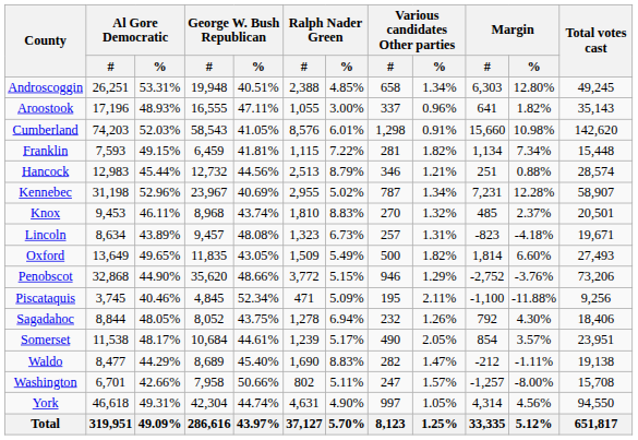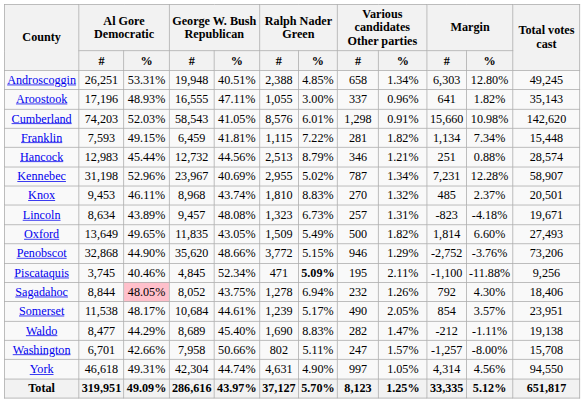 <table width="60%"  class="wikitable sortable" style="text-align:center">
 <tr>
 <th style="text-align:center;" rowspan="2">County</th>
 <th style="text-align:center;" colspan="2">Al Gore <br>Democratic</th>
 <th style="text-align:center;" colspan="2">George W. Bush<br>Republican</th>
 <th style="text-align:center;" colspan="2">Ralph Nader<br>Green</th>
 <th style="text-align:center;" colspan="2">Various candidates<br>Other parties</th>
 <th style="text-align:center;" colspan="2">Margin</th>
 <th style="text-align:center;" rowspan="2">Total votes cast</th>
 </tr>
 <tr>
 <th style="text-align:center;" data-sort-type="number">#</th>
 <th style="text-align:center;" data-sort-type="number">%</th>
 <th style="text-align:center;" data-sort-type="number">#</th>
 <th style="text-align:center;" data-sort-type="number">%</th>
 <th style="text-align:center;" data-sort-type="number">#</th>
 <th style="text-align:center;" data-sort-type="number">%</th>
 <th style="text-align:center;" data-sort-type="number">#</th>
 <th style="text-align:center;" data-sort-type="number">%</th>
 <th style="text-align:center;" data-sort-type="number">#</th>
 <th style="text-align:center;" data-sort-type="number">%</th>
 </tr>
 <tr style="text-align:center;">
 <td><a href='#'>Androscoggin</a></td>
 <td>26,251</td>
 <td>53.31%</td>
 <td>19,948</td>
 <td>40.51%</td>
 <td>2,388</td>
 <td>4.85%</td>
 <td>658</td>
 <td>1.34%</td>
 <td>6,303</td>
 <td>12.80%</td>
 <td>49,245</td>
 </tr>
 <tr style="text-align:center;">
 <td><a href='#'>Aroostook</a></td>
 <td>17,196</td>
 <td>48.93%</td>
 <td>16,555</td>
 <td>47.11%</td>
 <td>1,055</td>
 <td>3.00%</td>
 <td>337</td>
 <td>0.96%</td>
 <td>641</td>
 <td>1.82%</td>
 <td>35,143</td>
 </tr>
 <tr style="text-align:center;">
 <td><a href='#'>Cumberland</a></td>
 <td>74,203</td>
 <td>52.03%</td>
 <td>58,543</td>
 <td>41.05%</td>
 <td>8,576</td>
 <td>6.01%</td>
 <td>1,298</td>
 <td>0.91%</td>
 <td>15,660</td>
 <td>10.98%</td>
 <td>142,620</td>
 </tr>
 <tr style="text-align:center;">
 <td><a href='#'>Franklin</a></td>
 <td>7,593</td>
 <td>49.15%</td>
 <td>6,459</td>
 <td>41.81%</td>
 <td>1,115</td>
 <td>7.22%</td>
 <td>281</td>
 <td>1.82%</td>
 <td>1,134</td>
 <td>7.34%</td>
 <td>15,448</td>
 </tr>
 <tr style="text-align:center;">
 <td><a href='#'>Hancock</a></td>
 <td>12,983</td>
 <td>45.44%</td>
 <td>12,732</td>
 <td>44.56%</td>
 <td>2,513</td>
 <td>8.79%</td>
 <td>346</td>
 <td>1.21%</td>
 <td>251</td>
 <td>0.88%</td>
 <td>28,574</td>
 </tr>
 <tr style="text-align:center;">
 <td><a href='#'>Kennebec</a></td>
 <td>31,198</td>
 <td>52.96%</td>
 <td>23,967</td>
 <td>40.69%</td>
 <td>2,955</td>
 <td>5.02%</td>
 <td>787</td>
 <td>1.34%</td>
 <td>7,231</td>
 <td>12.28%</td>
 <td>58,907</td>
 </tr>
 <tr style="text-align:center;">
 <td><a href='#'>Knox</a></td>
 <td>9,453</td>
 <td>46.11%</td>
 <td>8,968</td>
 <td>43.74%</td>
 <td>1,810</td>
 <td>8.83%</td>
 <td>270</td>
 <td>1.32%</td>
 <td>485</td>
 <td>2.37%</td>
 <td>20,501</td>
 </tr>
 <tr style="text-align:center;">
 <td><a href='#'>Lincoln</a></td>
 <td>8,634</td>
 <td>43.89%</td>
 <td>9,457</td>
 <td>48.08%</td>
 <td>1,323</td>
 <td>6.73%</td>
 <td>257</td>
 <td>1.31%</td>
 <td>-823</td>
 <td>-4.18%</td>
 <td>19,671</td>
 </tr>
 <tr style="text-align:center;">
 <td><a href='#'>Oxford</a></td>
 <td>13,649</td>
 <td>49.65%</td>
 <td>11,835</td>
 <td>43.05%</td>
 <td>1,509</td>
 <td>5.49%</td>
 <td>500</td>
 <td>1.82%</td>
 <td>1,814</td>
 <td>6.60%</td>
 <td>27,493</td>
 </tr>
 <tr style="text-align:center;">
 <td><a href='#'>Penobscot</a></td>
 <td>32,868</td>
 <td>44.90%</td>
 <td>35,620</td>
 <td>48.66%</td>
 <td>3,772</td>
 <td>5.15%</td>
 <td>946</td>
 <td>1.29%</td>
 <td>-2,752</td>
 <td>-3.76%</td>
 <td>73,206</td>
 </tr>
 <tr style="text-align:center;">
 <td><a href='#'>Piscataquis</a></td>
 <td>3,745</td>
 <td>40.46%</td>
 <td>4,845</td>
 <td>52.34%</td>
 <td>471</td>
-<td>5.09%</td>
+<td><strong>5.09%</strong></td>
 <td>195</td>
 <td>2.11%</td>
 <td>-1,100</td>
 <td>-11.88%</td>
 <td>9,256</td>
 </tr>
 <tr style="text-align:center;">
 <td><a href='#'>Sagadahoc</a></td>
 <td>8,844</td>
-<td>48.05%</td>
+<td style="background: pink;">48.05%</td>
 <td>8,052</td>
 <td>43.75%</td>
 <td>1,278</td>
 <td>6.94%</td>
 <td>232</td>
 <td>1.26%</td>
 <td>792</td>
 <td>4.30%</td>
 <td>18,406</td>
 </tr>
 <tr style="text-align:center;">
 <td><a href='#'>Somerset</a></td>
 <td>11,538</td>
 <td>48.17%</td>
 <td>10,684</td>
 <td>44.61%</td>
 <td>1,239</td>
 <td>5.17%</td>
 <td>490</td>
 <td>2.05%</td>
 <td>854</td>
 <td>3.57%</td>
 <td>23,951</td>
 </tr>
 <tr style="text-align:center;">
 <td><a href='#'>Waldo</a></td>
 <td>8,477</td>
 <td>44.29%</td>
 <td>8,689</td>
 <td>45.40%</td>
 <td>1,690</td>
 <td>8.83%</td>
 <td>282</td>
 <td>1.47%</td>
 <td>-212</td>
 <td>-1.11%</td>
 <td>19,138</td>
 </tr>
 <tr style="text-align:center;">
 <td><a href='#'>Washington</a></td>
 <td>6,701</td>
 <td>42.66%</td>
 <td>7,958</td>
 <td>50.66%</td>
 <td>802</td>
 <td>5.11%</td>
 <td>247</td>
 <td>1.57%</td>
 <td>-1,257</td>
 <td>-8.00%</td>
 <td>15,708</td>
 </tr>
 <tr style="text-align:center;">
 <td><a href='#'>York</a></td>
 <td>46,618</td>
 <td>49.31%</td>
 <td>42,304</td>
 <td>44.74%</td>
 <td>4,631</td>
 <td>4.90%</td>
 <td>997</td>
 <td>1.05%</td>
 <td>4,314</td>
 <td>4.56%</td>
 <td>94,550</td>
 </tr>
 <tr>
 <th>Total</th>
 <th>319,951</th>
 <th>49.09%</th>
 <th>286,616</th>
 <th>43.97%</th>
 <th>37,127</th>
 <th>5.70%</th>
 <th>8,123</th>
 <th>1.25%</th>
 <th>33,335</th>
 <th>5.12%</th>
 <th>651,817</th>
 </tr>
 </table>
